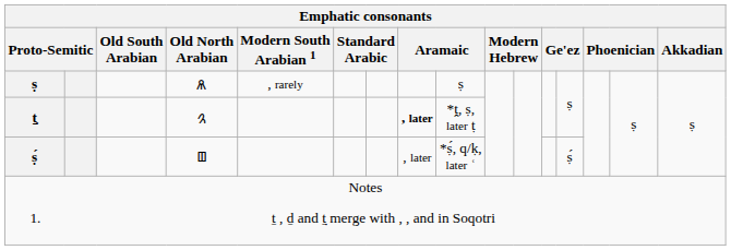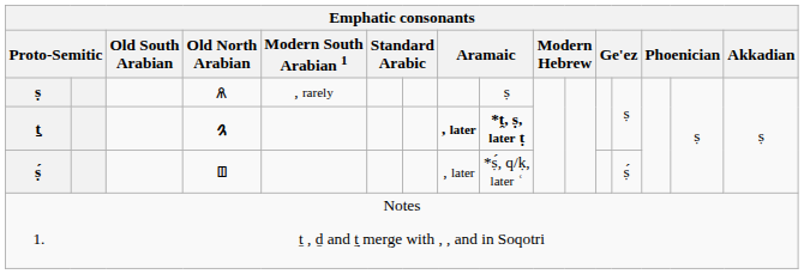 <table class="wikitable" style="text-align:center;">
 <tr>
 <th colspan="16">Emphatic consonants</th>
 </tr>
 <tr>
 <th colspan="2">Proto-Semitic</th>
 <th>Old South<br>Arabian</th>
 <th>Old North<br>Arabian</th>
 <th>Modern South<br>Arabian <sup>1</sup></th>
 <th colspan="2">Standard<br>Arabic</th>
 <th colspan="2">Aramaic</th>
 <th colspan="2">Modern<br>Hebrew</th>
 <th colspan="2">Ge'ez</th>
 <th colspan="2">Phoenician</th>
 <th>Akkadian</th>
 </tr>
 <tr>
 <th>ṣ</th>
 <th></th>
 <td></td>
 <td>𐪎</td>
 <td>, <small>rarely</small> </td>
 <td><big></big></td>
 <td></td>
 <td></td>
 <td>ṣ</td>
 <td rowspan="3"></td>
 <td rowspan="3"></td>
 <td rowspan="2"></td>
 <td rowspan="2">ṣ</td>
 <td rowspan="3"></td>
 <td rowspan="3">ṣ</td>
 <td rowspan="3">ṣ</td>
 </tr>
 <tr>
 <th>ṯ̣</th>
 <th></th>
 <td></td>
-<td>𐪜</td>
+<td><strong>𐪜</strong></td>
 <td></td>
 <td><big></big></td>
 <td></td>
 <td><strong>, <small>later</small> </strong></td>
-<td>*ṱ, ṣ,<br><small>later</small> ṭ</td>
+<td><strong>*ṱ, ṣ,<br><small>later</small> ṭ</strong></td>
 </tr>
 <tr>
 <th>ṣ́</th>
 <th></th>
 <td></td>
 <td>𐪓</td>
 <td></td>
 <td><big></big></td>
 <td></td>
 <td>, <small>later</small> </td>
 <td>*ṣ́, q/ḳ,<br><small>later</small> ʿ</td>
 <td></td>
 <td>ṣ́</td>
 </tr>
 <tr>
 <td colspan="16">Notes<br><ol><li>ṯ , ḏ  and ṯ̣  merge with , , and  in Soqotri</li></ol></td>
 </tr>
 </table>
